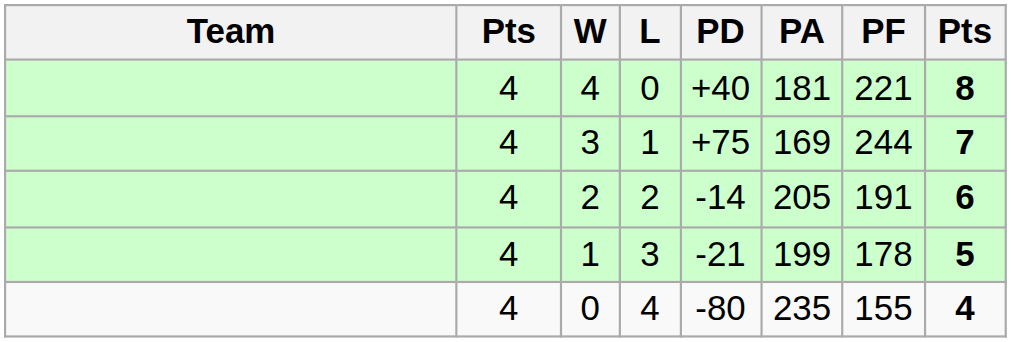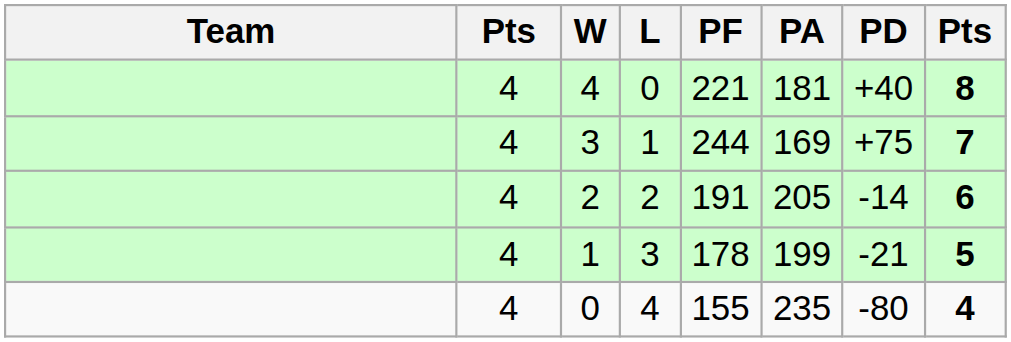 <table class=wikitable style="text-align:center">
 <tr>
 <th width=200>Team</th>
 <th width=40>Pts</th>
 <th width=20>W</th>
 <th width=20>L</th>
+<th width=30>PF</th>
+<th width=30>PA</th>
 <th width=30>PD</th>
-<th width=30>PA</th>
-<th width=30>PF</th>
 <th width=30>Pts</th>
 </tr>
 <tr bgcolor="#ccffcc">
 <td style="text-align:left"></td>
 <td>4</td>
 <td>4</td>
 <td>0</td>
+<td>221</td>
+<td>181</td>
 <td>+40</td>
-<td>181</td>
-<td>221</td>
 <td><strong>8</strong></td>
 </tr>
 <tr bgcolor="#ccffcc">
 <td style="text-align:left"></td>
 <td>4</td>
 <td>3</td>
 <td>1</td>
+<td>244</td>
+<td>169</td>
 <td>+75</td>
-<td>169</td>
-<td>244</td>
 <td><strong>7</strong></td>
 </tr>
 <tr bgcolor="#ccffcc">
 <td style="text-align:left"></td>
 <td>4</td>
 <td>2</td>
 <td>2</td>
+<td>191</td>
+<td>205</td>
 <td>-14</td>
-<td>205</td>
-<td>191</td>
 <td><strong>6</strong></td>
 </tr>
 <tr bgcolor="#ccffcc">
 <td style="text-align:left"></td>
 <td>4</td>
 <td>1</td>
 <td>3</td>
+<td>178</td>
+<td>199</td>
 <td>-21</td>
-<td>199</td>
-<td>178</td>
 <td><strong>5</strong></td>
 </tr>
 <tr>
 <td style="text-align:left"></td>
 <td>4</td>
 <td>0</td>
 <td>4</td>
+<td>155</td>
+<td>235</td>
 <td>-80</td>
-<td>235</td>
-<td>155</td>
 <td><strong>4</strong></td>
 </tr>
 </table>
